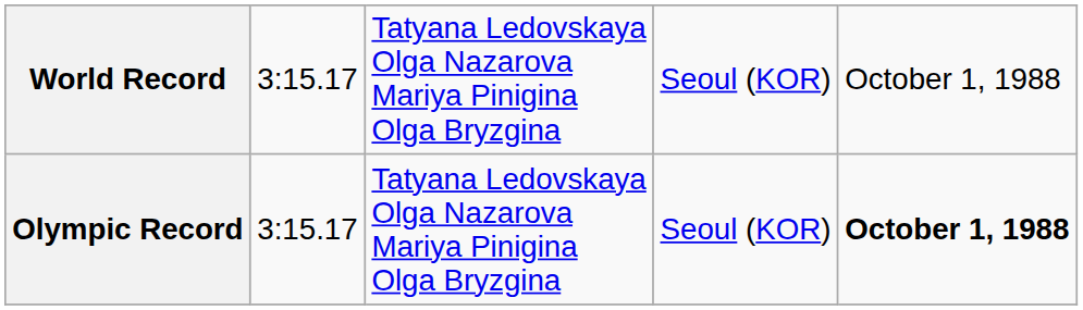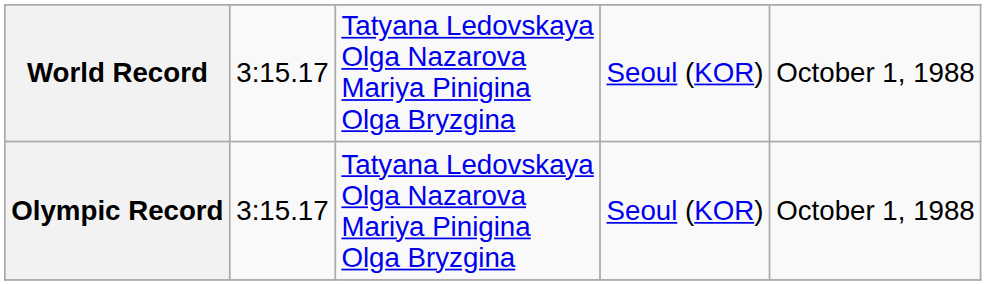 <table class="wikitable" style="text-align:left">
 <tr>
 <th>World Record</th>
 <td>3:15.17</td>
 <td> <a href='#'>Tatyana Ledovskaya</a><br> <a href='#'>Olga Nazarova</a><br> <a href='#'>Mariya Pinigina</a><br> <a href='#'>Olga Bryzgina</a></td>
 <td><a href='#'>Seoul</a> (<a href='#'>KOR</a>)</td>
 <td>October 1, 1988</td>
 </tr>
 <tr>
 <th>Olympic Record</th>
 <td>3:15.17</td>
 <td> <a href='#'>Tatyana Ledovskaya</a><br> <a href='#'>Olga Nazarova</a><br> <a href='#'>Mariya Pinigina</a><br> <a href='#'>Olga Bryzgina</a></td>
 <td><a href='#'>Seoul</a> (<a href='#'>KOR</a>)</td>
-<td><strong>October 1, 1988</strong></td>
+<td>October 1, 1988</td>
 </tr>
 </table>
